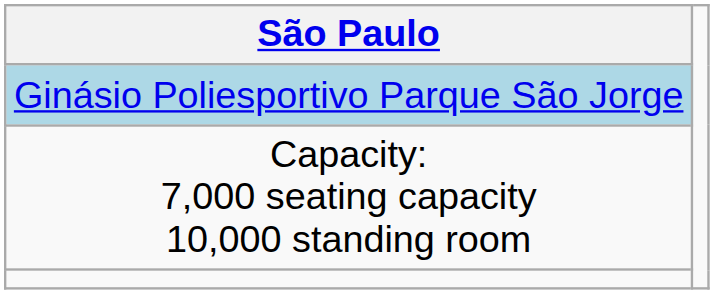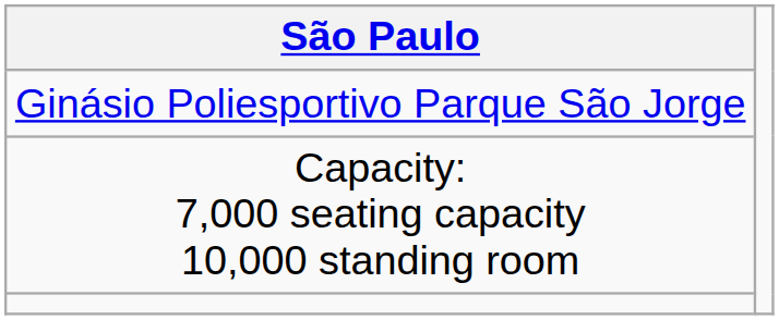 <table class="wikitable" style="text-align:center">
 <tr>
 <th><a href='#'>São Paulo</a></th>
 <td rowspan=4></td>
 </tr>
 <tr>
-<td style="background: lightblue;"><a href='#'>Ginásio Poliesportivo Parque São Jorge</a></td>
+<td><a href='#'>Ginásio Poliesportivo Parque São Jorge</a></td>
 </tr>
 <tr>
 <td>Capacity: <br>7,000 seating capacity <br> 10,000 standing room</td>
 </tr>
 <tr>
 <td></td>
 </tr>
 </table>
